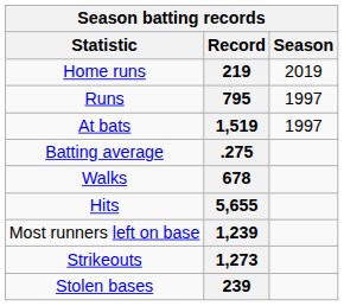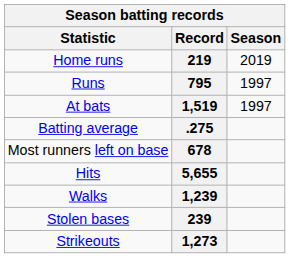 <table class="wikitable" style="text-align:center">
 <tr>
 <th colspan=3>Season batting records</th>
 </tr>
 <tr>
 <th scope="col">Statistic</th>
 <th scope="col" class="unsortable">Record</th>
 <th scope="col">Season</th>
 </tr>
 <tr>
 <td><a href='#'>Home runs</a></td>
 <th scope="row">219</th>
 <td>2019</td>
 </tr>
 <tr>
 <td><a href='#'>Runs</a></td>
 <th scope="row">795</th>
 <td>1997</td>
 </tr>
 <tr>
 <td><a href='#'>At bats</a></td>
 <th scope="row">1,519</th>
 <td>1997</td>
 </tr>
 <tr>
 <td><a href='#'>Batting average</a></td>
 <th scope="row">.275</th>
 <td></td>
 </tr>
 <tr>
-<td><a href='#'>Walks</a></td>
+<td>Most runners <a href='#'>left on base</a></td>
 <th scope="row">678</th>
 <td></td>
 </tr>
 <tr>
 <td><a href='#'>Hits</a></td>
 <th scope="row">5,655</th>
 <td></td>
 </tr>
 <tr>
-<td>Most runners <a href='#'>left on base</a></td>
+<td><a href='#'>Walks</a></td>
 <th scope="row">1,239</th>
+<td></td>
+</tr>
+<tr>
+<td><a href='#'>Stolen bases</a></td>
+<th scope="row">239</th>
 <td></td>
 </tr>
 <tr>
 <td><a href='#'>Strikeouts</a></td>
 <th scope="row">1,273</th>
 <td></td>
 </tr>
-<tr>
-<td><a href='#'>Stolen bases</a></td>
-<th scope="row">239</th>
-<td></td>
-</tr>
 </table>
